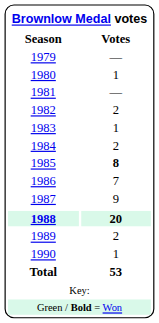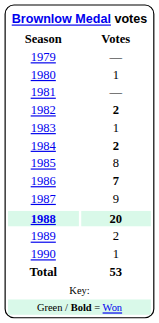 <table style="margin-right:4px; margin-top:8px; float:right; border:1px #000 solid; border-radius:8px; background:#fff; font-family:Verdana; font-size:8pt; text-align:center;">
 <tr style="background:#fff;">
 <td colspan="2;" style="padding:3px; margin-bottom:-3px; margin-top:2px; font-family:Arial; "><strong><a href='#'>Brownlow Medal</a> votes</strong></td>
 </tr>
 <tr>
 <th style="width:50%;">Season</th>
 <th style="width:50%;">Votes</th>
 </tr>
 <tr>
 <td><a href='#'>1979</a></td>
 <td>—</td>
 </tr>
 <tr>
 <td><a href='#'>1980</a></td>
 <td>1</td>
 </tr>
 <tr>
 <td><a href='#'>1981</a></td>
 <td>—</td>
 </tr>
 <tr>
 <td><a href='#'>1982</a></td>
-<td>2</td>
+<td><strong>2</strong></td>
 </tr>
 <tr>
 <td><a href='#'>1983</a></td>
 <td>1</td>
 </tr>
 <tr>
 <td><a href='#'>1984</a></td>
-<td>2</td>
+<td><strong>2</strong></td>
 </tr>
 <tr>
 <td><a href='#'>1985</a></td>
-<td><strong>8</strong></td>
+<td>8</td>
 </tr>
 <tr>
 <td><a href='#'>1986</a></td>
-<td>7</td>
+<td><strong>7</strong></td>
 </tr>
 <tr>
 <td><a href='#'>1987</a></td>
 <td>9</td>
 </tr>
 <tr>
 </tr>
 <tr style="background:#D9F9E9;">
 <td><strong><a href='#'>1988</a></strong></td>
 <td><strong>20</strong></td>
 </tr>
 <tr>
 <td><a href='#'>1989</a></td>
 <td>2</td>
 </tr>
 <tr>
 <td><a href='#'>1990</a></td>
 <td>1</td>
 </tr>
 <tr>
 <td><strong>Total</strong></td>
 <td><strong>53</strong></td>
 </tr>
 <tr>
 <td colspan=2><small>Key:</small></td>
 </tr>
 <tr style="background:#d9f9e9; border:1px solid #aaa; width:2em;">
 <td colspan=2><small>Green / <strong>Bold</strong> = <a href='#'>Won</a></small></td>
 </tr>
 </table>
